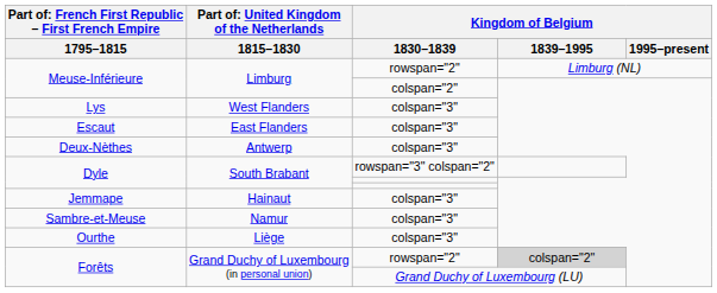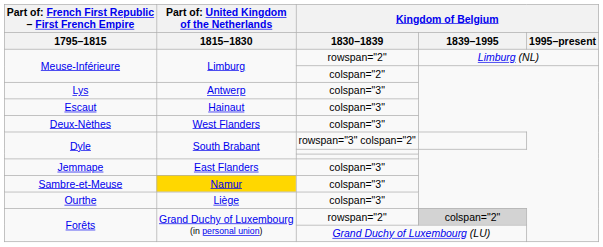 <table class="wikitable" style="text-align:center;font-size:95%;">
 <tr>
 <th>Part of: <a href='#'>French First Republic</a><br>– <a href='#'>First French Empire</a></th>
 <th>Part of: <a href='#'>United Kingdom<br>of the Netherlands</a></th>
 <th colspan="3"><a href='#'>Kingdom of Belgium</a></th>
 </tr>
 <tr>
 <th>1795–1815</th>
 <th>1815–1830</th>
 <th>1830–1839</th>
 <th style="width:150px;">1839–1995</th>
 <th>1995–present</th>
 </tr>
 <tr>
 <td rowspan="2"><a href='#'>Meuse-Inférieure</a></td>
 <td rowspan="2"><a href='#'>Limburg</a></td>
 <td>rowspan="2" </td>
 <td colspan="2"><em><a href='#'>Limburg</a> (NL)</em></td>
 </tr>
 <tr>
 <td>colspan="2" </td>
 </tr>
 <tr>
 <td><a href='#'>Lys</a></td>
-<td><a href='#'>West Flanders</a></td>
+<td><a href='#'>Antwerp</a></td>
 <td>colspan="3" </td>
 </tr>
 <tr>
 <td><a href='#'>Escaut</a></td>
-<td><a href='#'>East Flanders</a></td>
+<td><a href='#'>Hainaut</a></td>
 <td>colspan="3" </td>
 </tr>
 <tr>
 <td><a href='#'>Deux-Nèthes</a></td>
-<td><a href='#'>Antwerp</a></td>
+<td><a href='#'>West Flanders</a></td>
 <td>colspan="3" </td>
 </tr>
 <tr>
 <td rowspan="3"><a href='#'>Dyle</a></td>
 <td rowspan="3"><a href='#'>South Brabant</a></td>
 <td>rowspan="3" colspan="2" </td>
 <td></td>
 </tr>
 <tr>
 <td></td>
 </tr>
 <tr>
 <td></td>
 </tr>
 <tr>
 <td><a href='#'>Jemmape</a></td>
-<td><a href='#'>Hainaut</a></td>
+<td><a href='#'>East Flanders</a></td>
 <td>colspan="3" </td>
 </tr>
 <tr>
 <td><a href='#'>Sambre-et-Meuse</a></td>
-<td><a href='#'>Namur</a></td>
+<td style="background: gold;"><a href='#'>Namur</a></td>
 <td>colspan="3" </td>
 </tr>
 <tr>
 <td><a href='#'>Ourthe</a></td>
 <td><a href='#'>Liège</a></td>
 <td>colspan="3" </td>
 </tr>
 <tr>
 <td rowspan="2"><a href='#'>Forêts</a></td>
 <td rowspan="2"><a href='#'>Grand Duchy of Luxembourg</a><br><small>(in <a href='#'>personal union</a>)</small></td>
 <td>rowspan="2" </td>
 <td style="background: lightgrey;">colspan="2" </td>
 </tr>
 <tr>
 <td colspan="2"><em><a href='#'>Grand Duchy of Luxembourg</a> (LU)</em></td>
 </tr>
 </table>
